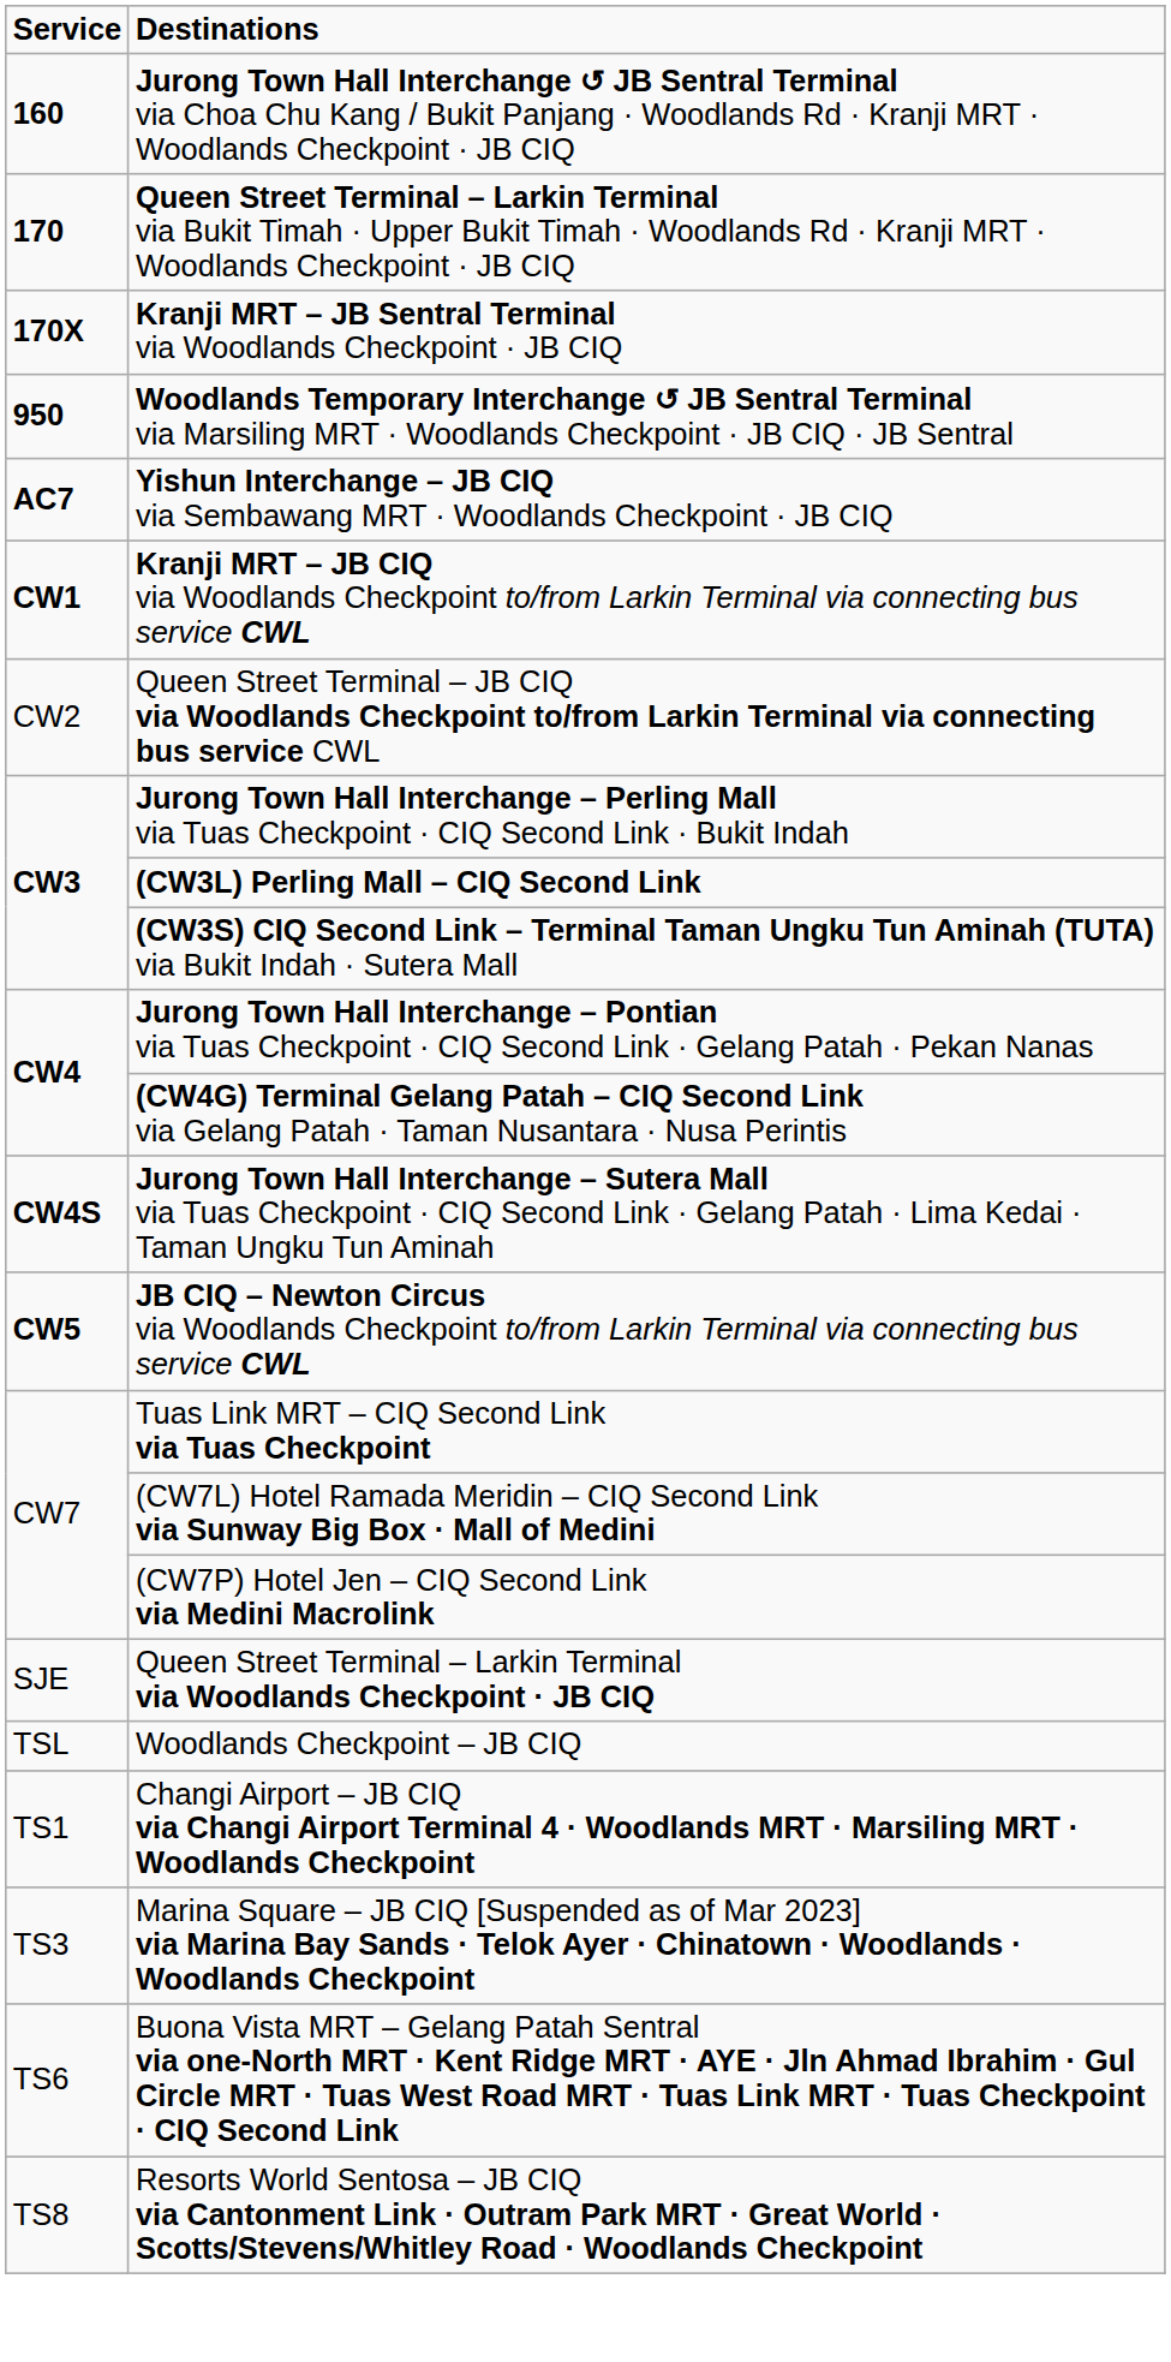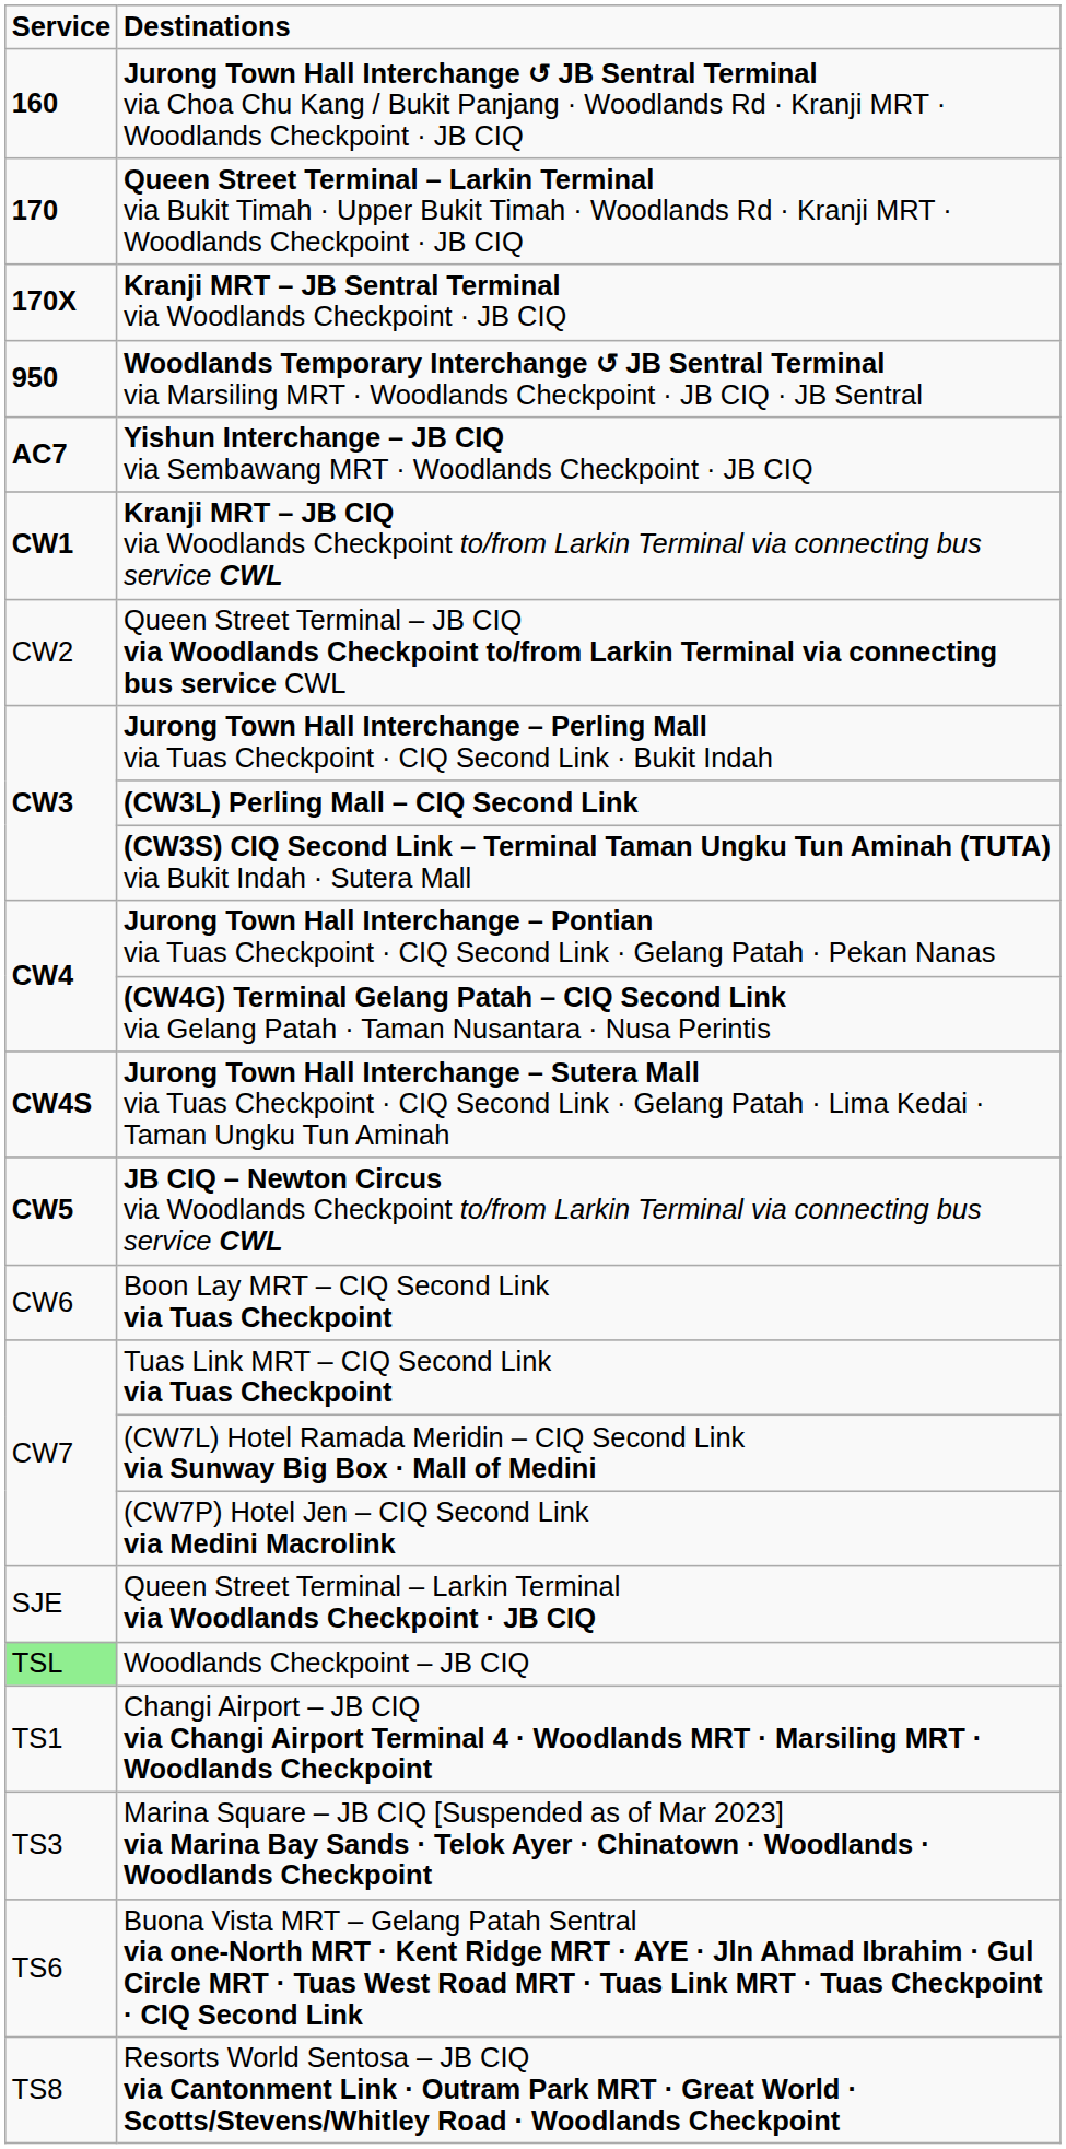 <table class="wikitable">
 <tr>
 <td><strong>Service</strong></td>
 <td><strong>Destinations</strong></td>
 </tr>
 <tr>
 <td><strong>160</strong></td>
 <td><strong>Jurong Town Hall Interchange ↺ JB Sentral Terminal</strong><br>via Choa Chu Kang / Bukit Panjang · Woodlands Rd · Kranji MRT · Woodlands Checkpoint · JB CIQ</td>
 </tr>
 <tr>
 <td><strong>170</strong></td>
 <td><strong>Queen Street Terminal – Larkin Terminal</strong><br>via Bukit Timah · Upper Bukit Timah · Woodlands Rd · Kranji MRT · Woodlands Checkpoint · JB CIQ</td>
 </tr>
 <tr>
 <td><strong>170X</strong></td>
 <td><strong>Kranji MRT – JB Sentral Terminal</strong><br>via Woodlands Checkpoint · JB CIQ</td>
 </tr>
 <tr>
 <td><strong>950</strong></td>
 <td><strong>Woodlands Temporary Interchange ↺ JB Sentral Terminal</strong><br>via Marsiling MRT · Woodlands Checkpoint · JB CIQ · JB Sentral</td>
 </tr>
 <tr>
 <td><strong>AC7</strong></td>
 <td><strong>Yishun Interchange – JB CIQ</strong><br>via Sembawang MRT · Woodlands Checkpoint · JB CIQ</td>
 </tr>
 <tr>
 <td><strong>CW1</strong></td>
 <td><strong>Kranji MRT – JB CIQ</strong><br>via Woodlands Checkpoint <em>to/from Larkin Terminal via connecting bus service <strong>CWL<strong><em></td>
 </tr>
 <tr>
 <td></strong>CW2<strong></td>
 <td></strong>Queen Street Terminal – JB CIQ<strong><br>via Woodlands Checkpoint </em>to/from Larkin Terminal via connecting bus service </strong>CWL</em></strong></td>
 </tr>
 <tr>
 <td rowspan="3"><strong>CW3</strong></td>
 <td><strong>Jurong Town Hall Interchange – Perling Mall</strong><br>via Tuas Checkpoint · CIQ Second Link · Bukit Indah</td>
 </tr>
 <tr>
 <td><strong>(CW3L) Perling Mall – CIQ Second Link</strong></td>
 </tr>
 <tr>
 <td><strong>(CW3S) CIQ Second Link – Terminal Taman Ungku Tun Aminah (TUTA)</strong><br>via Bukit Indah · Sutera Mall</td>
 </tr>
 <tr>
 <td rowspan="2"><strong>CW4</strong></td>
 <td><strong>Jurong Town Hall Interchange – Pontian</strong><br>via Tuas Checkpoint · CIQ Second Link · Gelang Patah · Pekan Nanas</td>
 </tr>
 <tr>
 <td><strong>(CW4G) Terminal Gelang Patah – CIQ Second Link</strong><br>via Gelang Patah · Taman Nusantara · Nusa Perintis</td>
 </tr>
 <tr>
 <td><strong>CW4S</strong></td>
 <td><strong>Jurong Town Hall Interchange – Sutera Mall</strong><br>via Tuas Checkpoint · CIQ Second Link · Gelang Patah · Lima Kedai · Taman Ungku Tun Aminah</td>
 </tr>
 <tr>
 <td><strong>CW5</strong></td>
 <td><strong>JB CIQ – Newton Circus</strong><br>via Woodlands Checkpoint <em>to/from Larkin Terminal via connecting bus service <strong>CWL<strong><em></td>
 </tr>
 <tr>
+<td></strong>CW6<strong></td>
+<td></strong>Boon Lay MRT – CIQ Second Link<strong><br>via Tuas Checkpoint</td>
+</tr>
+<tr>
 <td rowspan="3"></strong>CW7<strong></td>
 <td></strong>Tuas Link MRT – CIQ Second Link<strong><br>via Tuas Checkpoint</td>
 </tr>
 <tr>
 <td></strong>(CW7L) Hotel Ramada Meridin – CIQ Second Link<strong><br>via Sunway Big Box · Mall of Medini</td>
 </tr>
 <tr>
 <td></strong>(CW7P) Hotel Jen – CIQ Second Link<strong><br>via Medini Macrolink</td>
 </tr>
 <tr>
 <td></strong>SJE<strong></td>
 <td></strong>Queen Street Terminal – Larkin Terminal<strong><br>via Woodlands Checkpoint · JB CIQ</td>
 </tr>
 <tr>
-<td></strong>TSL<strong></td>
+<td style="background: lightgreen;"></strong>TSL<strong></td>
 <td></strong>Woodlands Checkpoint – JB CIQ<strong></td>
 </tr>
 <tr>
 <td></strong>TS1<strong></td>
 <td></strong>Changi Airport – JB CIQ<strong><br>via Changi Airport Terminal 4 · Woodlands MRT · Marsiling MRT · Woodlands Checkpoint</td>
 </tr>
 <tr>
 <td></strong>TS3<strong></td>
 <td></strong>Marina Square – JB CIQ [Suspended as of Mar 2023]<strong><br>via Marina Bay Sands · Telok Ayer · Chinatown · Woodlands · Woodlands Checkpoint</td>
 </tr>
 <tr>
 <td></strong>TS6<strong></td>
 <td></strong>Buona Vista MRT – Gelang Patah Sentral<strong><br>via one-North MRT · Kent Ridge MRT · AYE · Jln Ahmad Ibrahim · Gul Circle MRT · Tuas West Road MRT · Tuas Link MRT · Tuas Checkpoint · CIQ Second Link</td>
 </tr>
 <tr>
 <td></strong>TS8<strong></td>
 <td></strong>Resorts World Sentosa – JB CIQ<strong><br>via Cantonment Link · Outram Park MRT · Great World · Scotts/Stevens/Whitley Road · Woodlands Checkpoint</td>
 </tr>
 </table>
